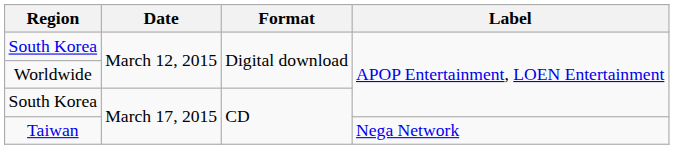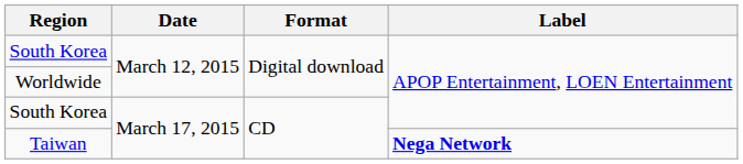 <table class="wikitable">
 <tr>
 <th style="text-align:center;">Region</th>
 <th style="text-align:center;">Date</th>
 <th style="text-align:center;">Format</th>
 <th style="text-align:center;">Label</th>
 </tr>
 <tr>
 <td style="text-align:center;"><a href='#'>South Korea</a></td>
 <td style="text-align:center;" rowspan="2">March 12, 2015</td>
 <td rowspan="2">Digital download</td>
 <td rowspan="3"><a href='#'>APOP Entertainment</a>, <a href='#'>LOEN Entertainment</a></td>
 </tr>
 <tr>
 <td style="text-align:center;">Worldwide</td>
 </tr>
 <tr>
 <td style="text-align:center;">South Korea</td>
 <td style="text-align:center;" rowspan="2">March 17, 2015</td>
 <td rowspan="2">CD</td>
 </tr>
 <tr>
 <td style="text-align:center;"><a href='#'>Taiwan</a></td>
-<td><a href='#'>Nega Network</a></td>
+<td><strong><a href='#'>Nega Network</a></strong></td>
 </tr>
 </table>
